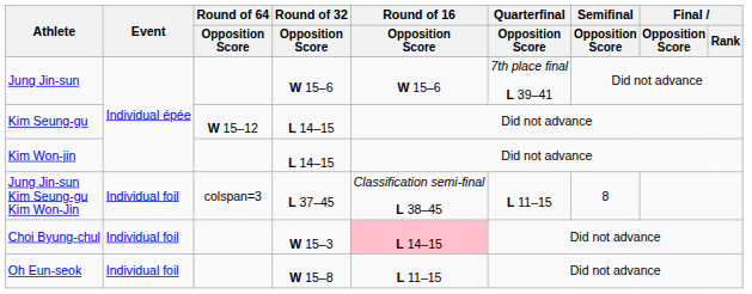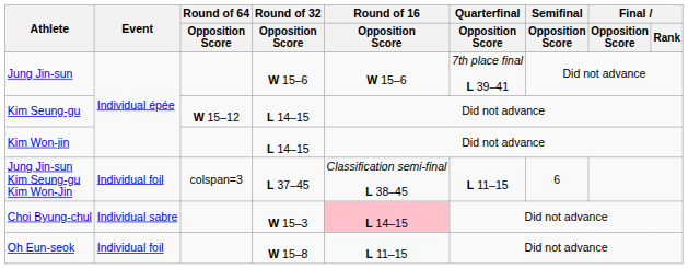 <table class="wikitable" style="font-size:90%">
 <tr>
 <th rowspan="2">Athlete</th>
 <th rowspan="2">Event</th>
 <th>Round of 64</th>
 <th>Round of 32</th>
 <th>Round of 16</th>
 <th>Quarterfinal</th>
 <th>Semifinal</th>
 <th colspan=2>Final / </th>
 </tr>
 <tr style="font-size:95%">
 <th>Opposition <br> Score</th>
 <th>Opposition <br> Score</th>
 <th>Opposition <br> Score</th>
 <th>Opposition <br> Score</th>
 <th>Opposition <br> Score</th>
 <th>Opposition <br> Score</th>
 <th>Rank</th>
 </tr>
 <tr align=center>
 <td align=left><a href='#'>Jung Jin-sun</a></td>
 <td align=left rowspan=3><a href='#'>Individual épée</a></td>
 <td></td>
 <td><br><strong>W</strong> 15–6</td>
 <td><br><strong>W</strong> 15–6</td>
 <td><em>7th place final</em><br><br><strong>L</strong> 39–41</td>
 <td colspan=3>Did not advance</td>
 </tr>
 <tr align=center>
 <td align=left><a href='#'>Kim Seung-gu</a></td>
 <td><br><strong>W</strong> 15–12</td>
 <td><br><strong>L</strong> 14–15</td>
 <td colspan=5>Did not advance</td>
 </tr>
 <tr align=center>
 <td align=left><a href='#'>Kim Won-jin</a></td>
 <td></td>
 <td><br><strong>L</strong> 14–15</td>
 <td colspan=5>Did not advance</td>
 </tr>
 <tr align=center>
 <td align=left><a href='#'>Jung Jin-sun</a><br><a href='#'>Kim Seung-gu</a><br><a href='#'>Kim Won-Jin</a></td>
 <td align=left><a href='#'>Individual foil</a></td>
 <td>colspan=3 </td>
 <td><br><strong>L</strong> 37–45</td>
 <td><em>Classification semi-final</em><br><br><strong>L</strong> 38–45</td>
 <td><br><strong>L</strong> 11–15</td>
-<td>8</td>
+<td>6</td>
 </tr>
 <tr align=center>
 <td align=left><a href='#'>Choi Byung-chul</a></td>
-<td align=left><a href='#'>Individual foil</a></td>
+<td align=left><a href='#'>Individual sabre</a></td>
 <td></td>
 <td><br><strong>W</strong> 15–3</td>
 <td style="background: pink;"><br><strong>L</strong> 14–15</td>
 <td colspan=4>Did not advance</td>
 </tr>
 <tr align=center>
 <td align=left><a href='#'>Oh Eun-seok</a></td>
 <td align=left><a href='#'>Individual foil</a></td>
 <td></td>
 <td><br> <strong>W</strong> 15–8</td>
 <td><br> <strong>L</strong> 11–15</td>
 <td colspan=4>Did not advance</td>
 </tr>
 </table>
